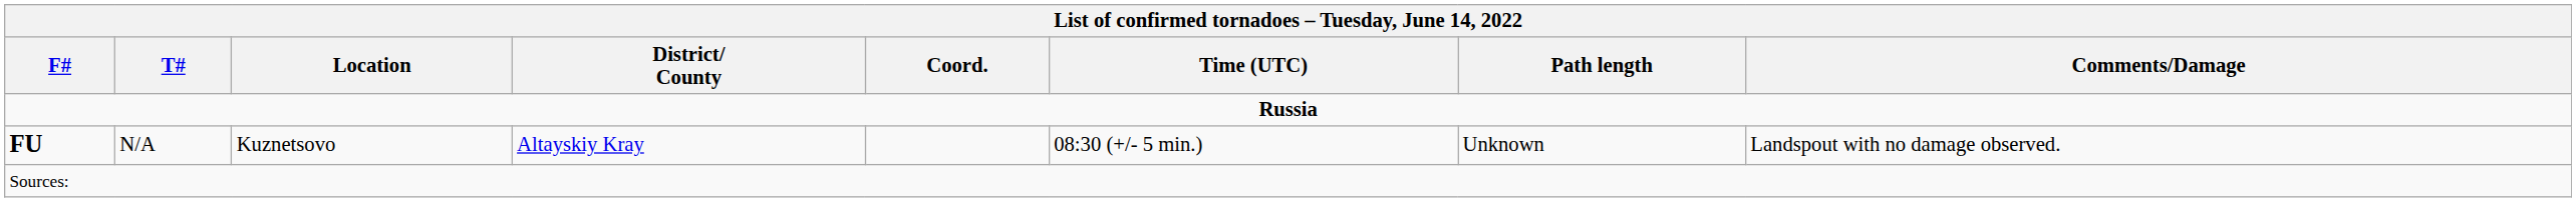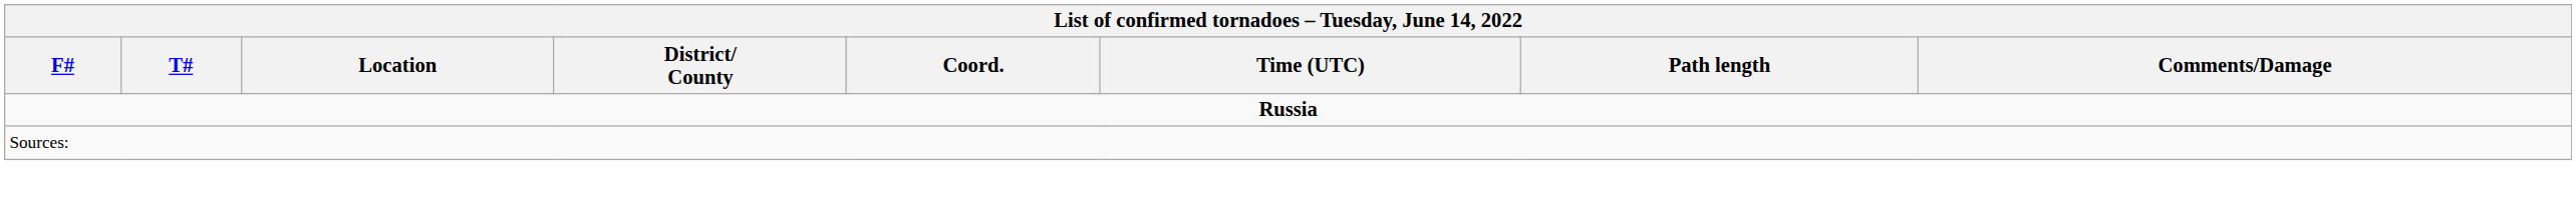 <table class="wikitable collapsible" width="100%">
 <tr>
 <th colspan="8">List of confirmed tornadoes – Tuesday, June 14, 2022</th>
 </tr>
 <tr>
 <th><a href='#'>F#</a></th>
 <th><a href='#'>T#</a></th>
 <th>Location</th>
 <th>District/<br>County</th>
 <th>Coord.</th>
 <th>Time (UTC)</th>
 <th>Path length</th>
 <th>Comments/Damage</th>
 </tr>
 <tr>
 <td colspan="8" align=center><strong>Russia</strong></td>
 </tr>
 <tr>
-<td><big><strong>FU</strong></big></td>
-<td>N/A</td>
-<td>Kuznetsovo</td>
-<td><a href='#'>Altayskiy Kray</a></td>
-<td></td>
-<td>08:30 (+/- 5 min.)</td>
-<td>Unknown</td>
-<td>Landspout with no damage observed.</td>
-</tr>
-<tr>
 <td colspan="8"><small>Sources:  </small></td>
 </tr>
 </table>
